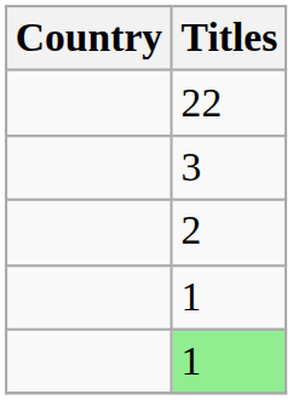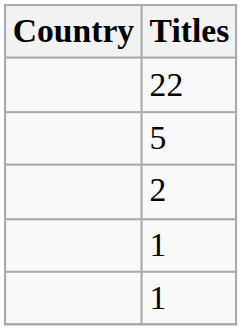 <table class="wikitable">
 <tr>
 <th>Country</th>
 <th>Titles</th>
 </tr>
 <tr>
 <td></td>
 <td>22</td>
 </tr>
 <tr>
 <td></td>
-<td>3</td>
+<td>5</td>
 </tr>
 <tr>
 <td></td>
 <td>2</td>
 </tr>
 <tr>
 <td></td>
 <td>1</td>
 </tr>
 <tr>
 <td></td>
-<td style="background: lightgreen;">1</td>
+<td>1</td>
 </tr>
 <tr>
 </tr>
 </table>
